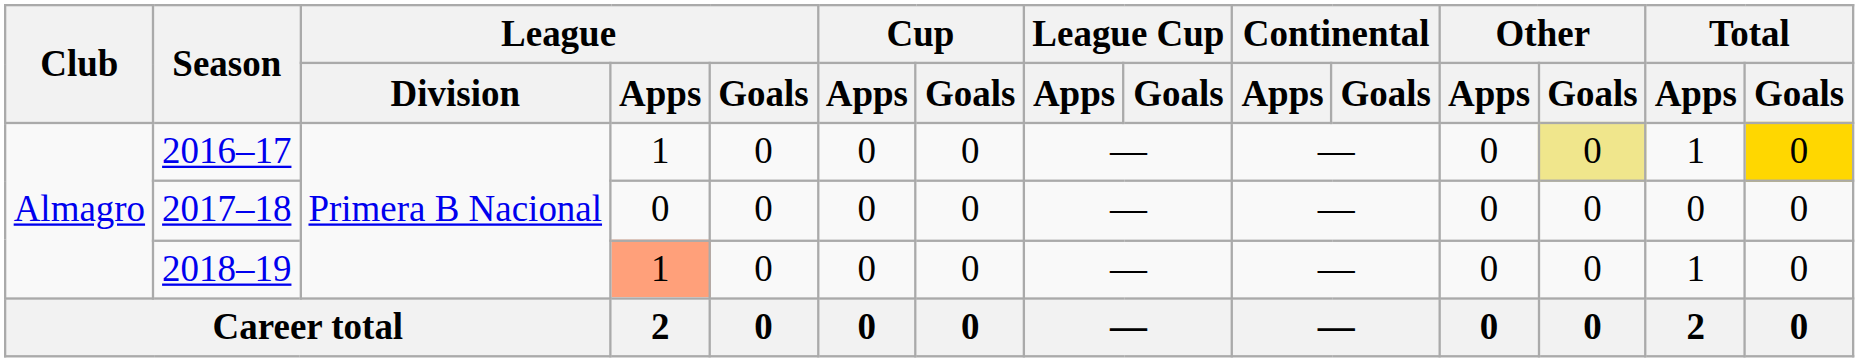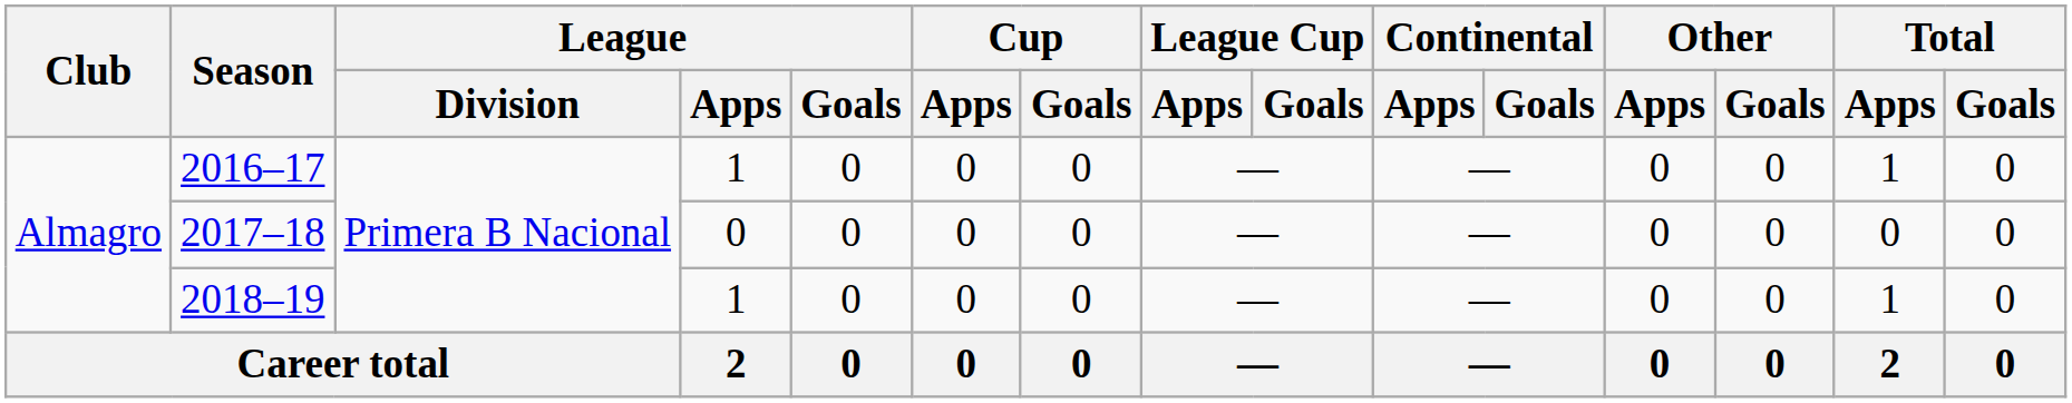 <table class="wikitable" style="text-align:center">
 <tr>
 <th rowspan="2">Club</th>
 <th rowspan="2">Season</th>
 <th colspan="3">League</th>
 <th colspan="2">Cup</th>
 <th colspan="2">League Cup</th>
 <th colspan="2">Continental</th>
 <th colspan="2">Other</th>
 <th colspan="2">Total</th>
 </tr>
 <tr>
 <th>Division</th>
 <th>Apps</th>
 <th>Goals</th>
 <th>Apps</th>
 <th>Goals</th>
 <th>Apps</th>
 <th>Goals</th>
 <th>Apps</th>
 <th>Goals</th>
 <th>Apps</th>
 <th>Goals</th>
 <th>Apps</th>
 <th>Goals</th>
 </tr>
 <tr>
 <td rowspan="3"><a href='#'>Almagro</a></td>
 <td><a href='#'>2016–17</a></td>
 <td rowspan="3"><a href='#'>Primera B Nacional</a></td>
 <td>1</td>
 <td>0</td>
 <td>0</td>
 <td>0</td>
 <td colspan="2">—</td>
 <td colspan="2">—</td>
 <td>0</td>
-<td style="background: khaki;">0</td>
+<td>0</td>
 <td>1</td>
-<td style="background: gold;">0</td>
+<td>0</td>
 </tr>
 <tr>
 <td><a href='#'>2017–18</a></td>
 <td>0</td>
 <td>0</td>
 <td>0</td>
 <td>0</td>
 <td colspan="2">—</td>
 <td colspan="2">—</td>
 <td>0</td>
 <td>0</td>
 <td>0</td>
 <td>0</td>
 </tr>
 <tr>
 <td><a href='#'>2018–19</a></td>
-<td style="background: lightsalmon;">1</td>
+<td>1</td>
 <td>0</td>
 <td>0</td>
 <td>0</td>
 <td colspan="2">—</td>
 <td colspan="2">—</td>
 <td>0</td>
 <td>0</td>
 <td>1</td>
 <td>0</td>
 </tr>
 <tr>
 <th colspan="3">Career total</th>
 <th>2</th>
 <th>0</th>
 <th>0</th>
 <th>0</th>
 <th colspan="2">—</th>
 <th colspan="2">—</th>
 <th>0</th>
 <th>0</th>
 <th>2</th>
 <th>0</th>
 </tr>
 </table>
